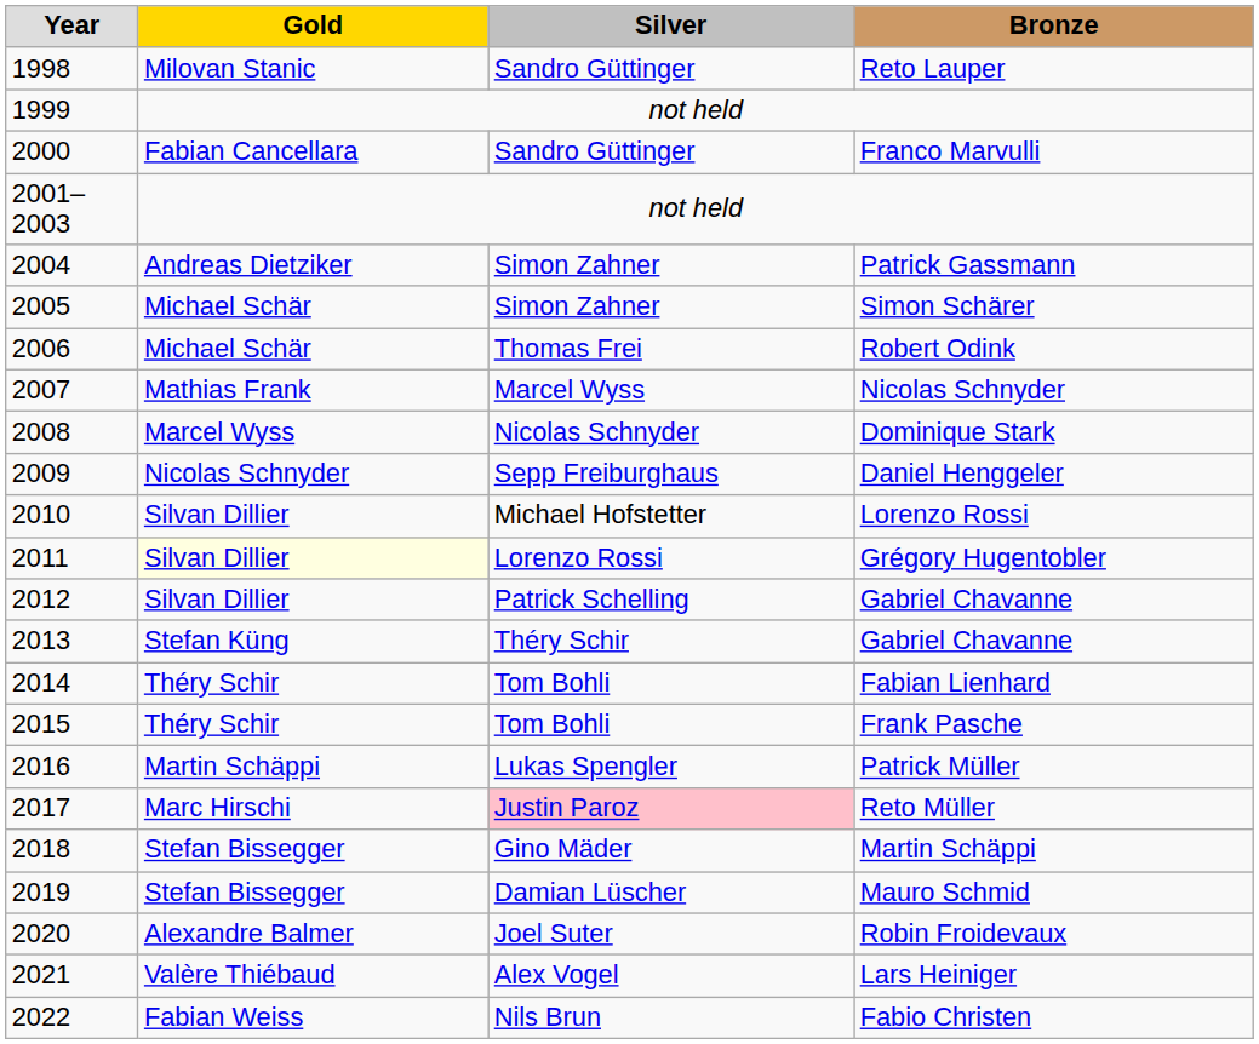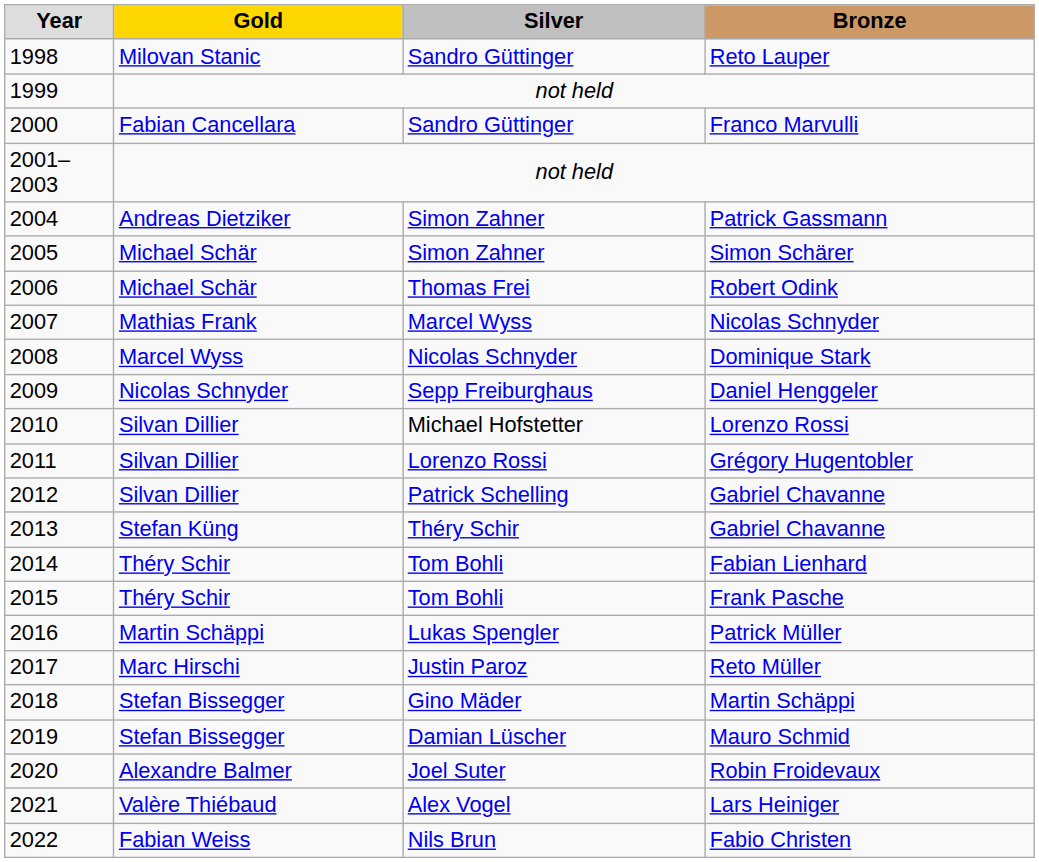 <table class="wikitable" style="width: 60%; text-align:left;">
 <tr>
 <td style="background:#DDDDDD; font-weight:bold; text-align:center;">Year</td>
 <td style="background:gold; font-weight:bold; text-align:center;">Gold</td>
 <td style="background:silver; font-weight:bold; text-align:center;">Silver</td>
 <td style="background:#cc9966; font-weight:bold; text-align:center;">Bronze</td>
 </tr>
 <tr>
 <td>1998</td>
 <td><a href='#'>Milovan Stanic</a></td>
 <td><a href='#'>Sandro Güttinger</a></td>
 <td><a href='#'>Reto Lauper</a></td>
 </tr>
 <tr>
 <td>1999</td>
 <td colspan=4 align=center><em>not held</em></td>
 </tr>
 <tr>
 <td>2000</td>
 <td><a href='#'>Fabian Cancellara</a></td>
 <td><a href='#'>Sandro Güttinger</a></td>
 <td><a href='#'>Franco Marvulli</a></td>
 </tr>
 <tr>
 <td>2001–<br>2003</td>
 <td colspan=4 align=center><em>not held</em></td>
 </tr>
 <tr>
 <td>2004</td>
 <td><a href='#'>Andreas Dietziker</a></td>
 <td><a href='#'>Simon Zahner</a></td>
 <td><a href='#'>Patrick Gassmann</a></td>
 </tr>
 <tr>
 <td>2005</td>
 <td><a href='#'>Michael Schär</a></td>
 <td><a href='#'>Simon Zahner</a></td>
 <td><a href='#'>Simon Schärer</a></td>
 </tr>
 <tr>
 <td>2006</td>
 <td><a href='#'>Michael Schär</a></td>
 <td><a href='#'>Thomas Frei</a></td>
 <td><a href='#'>Robert Odink</a></td>
 </tr>
 <tr>
 <td>2007</td>
 <td><a href='#'>Mathias Frank</a></td>
 <td><a href='#'>Marcel Wyss</a></td>
 <td><a href='#'>Nicolas Schnyder</a></td>
 </tr>
 <tr>
 <td>2008</td>
 <td><a href='#'>Marcel Wyss</a></td>
 <td><a href='#'>Nicolas Schnyder</a></td>
 <td><a href='#'>Dominique Stark</a></td>
 </tr>
 <tr>
 <td>2009</td>
 <td><a href='#'>Nicolas Schnyder</a></td>
 <td><a href='#'>Sepp Freiburghaus</a></td>
 <td><a href='#'>Daniel Henggeler</a></td>
 </tr>
 <tr>
 <td>2010</td>
 <td><a href='#'>Silvan Dillier</a></td>
 <td>Michael Hofstetter</td>
 <td><a href='#'>Lorenzo Rossi</a></td>
 </tr>
 <tr>
 <td>2011</td>
-<td style="background: lightyellow;"><a href='#'>Silvan Dillier</a></td>
+<td><a href='#'>Silvan Dillier</a></td>
 <td><a href='#'>Lorenzo Rossi</a></td>
 <td><a href='#'>Grégory Hugentobler</a></td>
 </tr>
 <tr>
 <td>2012</td>
 <td><a href='#'>Silvan Dillier</a></td>
 <td><a href='#'>Patrick Schelling</a></td>
 <td><a href='#'>Gabriel Chavanne</a></td>
 </tr>
 <tr>
 <td>2013</td>
 <td><a href='#'>Stefan Küng</a></td>
 <td><a href='#'>Théry Schir</a></td>
 <td><a href='#'>Gabriel Chavanne</a></td>
 </tr>
 <tr>
 <td>2014</td>
 <td><a href='#'>Théry Schir</a></td>
 <td><a href='#'>Tom Bohli</a></td>
 <td><a href='#'>Fabian Lienhard</a></td>
 </tr>
 <tr>
 <td>2015</td>
 <td><a href='#'>Théry Schir</a></td>
 <td><a href='#'>Tom Bohli</a></td>
 <td><a href='#'>Frank Pasche</a></td>
 </tr>
 <tr>
 <td>2016</td>
 <td><a href='#'>Martin Schäppi</a></td>
 <td><a href='#'>Lukas Spengler</a></td>
 <td><a href='#'>Patrick Müller</a></td>
 </tr>
 <tr>
 <td>2017</td>
 <td><a href='#'>Marc Hirschi</a></td>
-<td style="background: pink;"><a href='#'>Justin Paroz</a></td>
+<td><a href='#'>Justin Paroz</a></td>
 <td><a href='#'>Reto Müller</a></td>
 </tr>
 <tr>
 <td>2018</td>
 <td><a href='#'>Stefan Bissegger</a></td>
 <td><a href='#'>Gino Mäder</a></td>
 <td><a href='#'>Martin Schäppi</a></td>
 </tr>
 <tr>
 <td>2019</td>
 <td><a href='#'>Stefan Bissegger</a></td>
 <td><a href='#'>Damian Lüscher</a></td>
 <td><a href='#'>Mauro Schmid</a></td>
 </tr>
 <tr>
 <td>2020</td>
 <td><a href='#'>Alexandre Balmer</a></td>
 <td><a href='#'>Joel Suter</a></td>
 <td><a href='#'>Robin Froidevaux</a></td>
 </tr>
 <tr>
 <td>2021</td>
 <td><a href='#'>Valère Thiébaud</a></td>
 <td><a href='#'>Alex Vogel</a></td>
 <td><a href='#'>Lars Heiniger</a></td>
 </tr>
 <tr>
 <td>2022</td>
 <td><a href='#'>Fabian Weiss</a></td>
 <td><a href='#'>Nils Brun</a></td>
 <td><a href='#'>Fabio Christen</a></td>
 </tr>
 </table>
